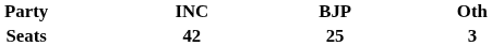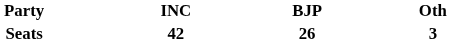 <table style="width:60%; text-align:center;">
 <tr>
 <th><strong>Party</strong></th>
 <td><strong>INC</strong></td>
 <td><strong>BJP</strong></td>
 <td><strong>Oth</strong></td>
 </tr>
 <tr>
 <th><strong>Seats</strong></th>
 <td><strong>42</strong></td>
-<td><strong>25</strong></td>
+<td><strong>26</strong></td>
 <td><strong>3</strong></td>
 </tr>
 </table>
